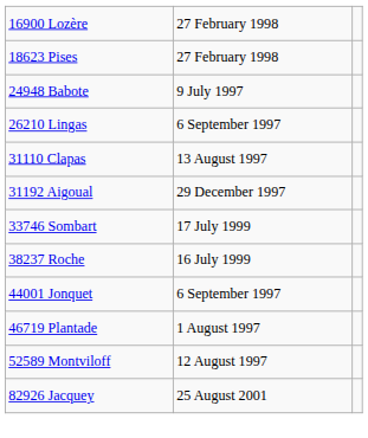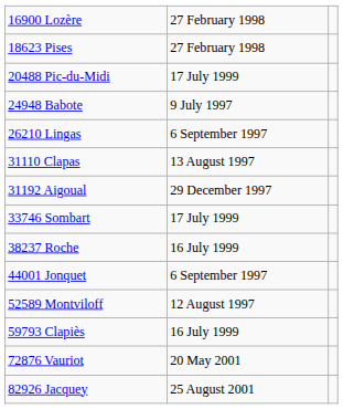 <table class="wikitable" style="font-size: 89%; float: left; width: 25em; margin-right: 1em; line-height: 1.65em !important; height: 405px;">
 <tr>
 <td><a href='#'>16900 Lozère</a></td>
 <td>27 February 1998</td>
 <td></td>
 </tr>
 <tr>
 <td><a href='#'>18623 Pises</a></td>
 <td>27 February 1998</td>
+<td></td>
+</tr>
+<tr>
+<td><a href='#'>20488 Pic-du-Midi</a></td>
+<td>17 July 1999</td>
 <td></td>
 </tr>
 <tr>
 <td><a href='#'>24948 Babote</a></td>
 <td>9 July 1997</td>
 <td></td>
 </tr>
 <tr>
 <td><a href='#'>26210 Lingas</a></td>
 <td>6 September 1997</td>
 <td></td>
 </tr>
 <tr>
 <td><a href='#'>31110 Clapas</a></td>
 <td>13 August 1997</td>
 <td></td>
 </tr>
 <tr>
 <td><a href='#'>31192 Aigoual</a></td>
 <td>29 December 1997</td>
 <td></td>
 </tr>
 <tr>
 <td><a href='#'>33746 Sombart</a></td>
 <td>17 July 1999</td>
 <td></td>
 </tr>
 <tr>
 <td><a href='#'>38237 Roche</a></td>
 <td>16 July 1999</td>
 <td></td>
 </tr>
 <tr>
 <td><a href='#'>44001 Jonquet</a></td>
 <td>6 September 1997</td>
 <td></td>
 </tr>
 <tr>
-<td><a href='#'>46719 Plantade</a></td>
-<td>1 August 1997</td>
+<td><a href='#'>52589 Montviloff</a></td>
+<td>12 August 1997</td>
 <td></td>
 </tr>
 <tr>
-<td><a href='#'>52589 Montviloff</a></td>
-<td>12 August 1997</td>
+<td><a href='#'>59793 Clapiès</a></td>
+<td>16 July 1999</td>
+<td></td>
+</tr>
+<tr>
+<td><a href='#'>72876 Vauriot</a></td>
+<td>20 May 2001</td>
 <td></td>
 </tr>
 <tr>
 <td><a href='#'>82926 Jacquey</a></td>
 <td>25 August 2001</td>
 <td></td>
 </tr>
 </table>
